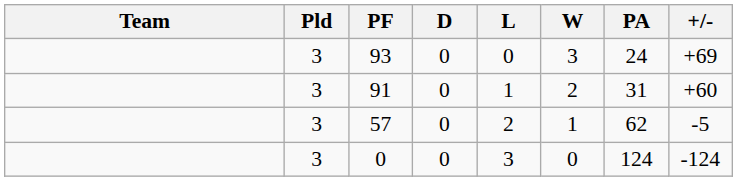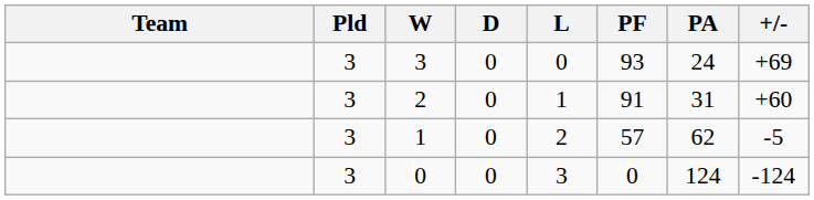 <table class="wikitable" style="text-align: center;">
 <tr>
 <th style="width:200px;">Team</th>
 <th width="40">Pld</th>
-<th width="40">PF</th>
+<th width="40">W</th>
 <th width="40">D</th>
 <th width="40">L</th>
-<th width="40">W</th>
+<th width="40">PF</th>
 <th width="40">PA</th>
 <th width="40">+/-</th>
 </tr>
 <tr>
 <td align=left></td>
 <td>3</td>
-<td>93</td>
+<td>3</td>
 <td>0</td>
 <td>0</td>
-<td>3</td>
+<td>93</td>
 <td>24</td>
 <td>+69</td>
 </tr>
 <tr>
 <td align=left></td>
 <td>3</td>
-<td>91</td>
+<td>2</td>
 <td>0</td>
 <td>1</td>
-<td>2</td>
+<td>91</td>
 <td>31</td>
 <td>+60</td>
 </tr>
 <tr>
 <td align=left></td>
 <td>3</td>
-<td>57</td>
+<td>1</td>
 <td>0</td>
 <td>2</td>
-<td>1</td>
+<td>57</td>
 <td>62</td>
 <td>-5</td>
 </tr>
 <tr>
 <td align=left></td>
 <td>3</td>
 <td>0</td>
 <td>0</td>
 <td>3</td>
 <td>0</td>
 <td>124</td>
 <td>-124</td>
 </tr>
 </table>
